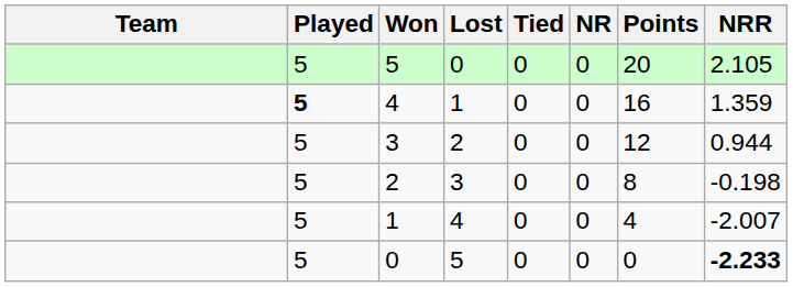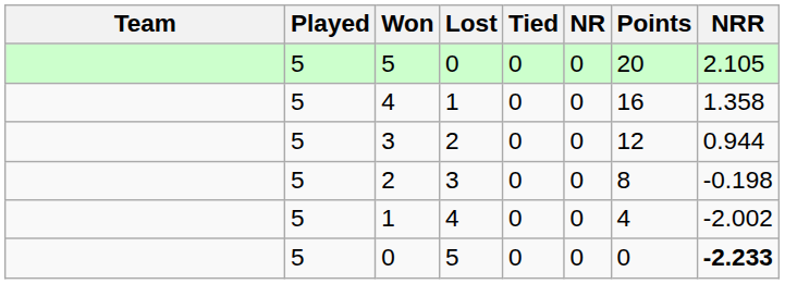 <table class="wikitable">
 <tr>
 <th width=175>Team</th>
 <th>Played</th>
 <th>Won</th>
 <th>Lost</th>
 <th>Tied</th>
 <th>NR</th>
 <th>Points</th>
 <th>NRR</th>
 </tr>
 <tr style="background:#ccffcc">
 <td></td>
 <td>5</td>
 <td>5</td>
 <td>0</td>
 <td>0</td>
 <td>0</td>
 <td>20</td>
 <td>2.105</td>
 </tr>
 <tr>
 <td></td>
-<td><strong>5</strong></td>
+<td>5</td>
 <td>4</td>
 <td>1</td>
 <td>0</td>
 <td>0</td>
 <td>16</td>
-<td>1.359</td>
+<td>1.358</td>
 </tr>
 <tr>
 <td></td>
 <td>5</td>
 <td>3</td>
 <td>2</td>
 <td>0</td>
 <td>0</td>
 <td>12</td>
 <td>0.944</td>
 </tr>
 <tr>
 <td></td>
 <td>5</td>
 <td>2</td>
 <td>3</td>
 <td>0</td>
 <td>0</td>
 <td>8</td>
 <td>-0.198</td>
 </tr>
 <tr>
 <td></td>
 <td>5</td>
 <td>1</td>
 <td>4</td>
 <td>0</td>
 <td>0</td>
 <td>4</td>
-<td>-2.007</td>
+<td>-2.002</td>
 </tr>
 <tr>
 <td></td>
 <td>5</td>
 <td>0</td>
 <td>5</td>
 <td>0</td>
 <td>0</td>
 <td>0</td>
 <td><strong>-2.233</strong></td>
 </tr>
 </table>
